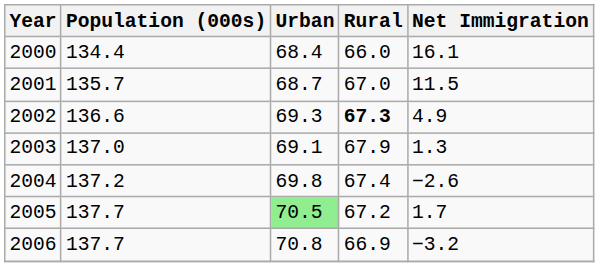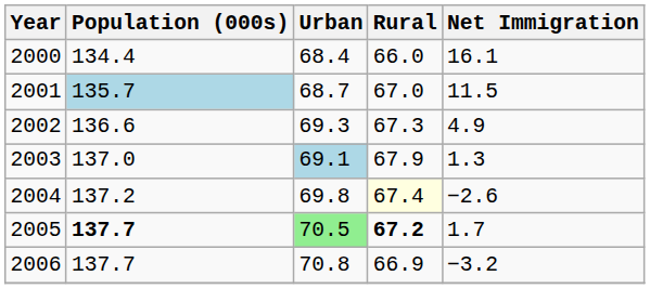 <table class="wikitable">
 <tr>
 <th>Year</th>
 <th>Population (000s)</th>
 <th>Urban</th>
 <th>Rural</th>
 <th>Net Immigration</th>
 </tr>
 <tr --->
 <td>2000</td>
 <td>134.4</td>
 <td>68.4</td>
 <td>66.0</td>
 <td>16.1</td>
 </tr>
 <tr --->
 <td>2001</td>
-<td>135.7</td>
+<td style="background: lightblue;">135.7</td>
 <td>68.7</td>
 <td>67.0</td>
 <td>11.5</td>
 </tr>
 <tr --->
 <td>2002</td>
 <td>136.6</td>
 <td>69.3</td>
-<td><strong>67.3</strong></td>
+<td>67.3</td>
 <td>4.9</td>
 </tr>
 <tr --->
 <td>2003</td>
 <td>137.0</td>
-<td>69.1</td>
+<td style="background: lightblue;">69.1</td>
 <td>67.9</td>
 <td>1.3</td>
 </tr>
 <tr --->
 <td>2004</td>
 <td>137.2</td>
 <td>69.8</td>
-<td>67.4</td>
+<td style="background: lightyellow;">67.4</td>
 <td>−2.6</td>
 </tr>
 <tr --->
 <td>2005</td>
-<td>137.7</td>
+<td><strong>137.7</strong></td>
 <td style="background: lightgreen;">70.5</td>
-<td>67.2</td>
+<td><strong>67.2</strong></td>
 <td>1.7</td>
 </tr>
 <tr --->
 <td>2006</td>
 <td>137.7</td>
 <td>70.8</td>
 <td>66.9</td>
 <td>−3.2</td>
 </tr>
 <tr --->
 </tr>
 </table>
